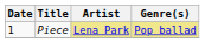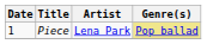 <table class="wikitable" style="text-align: left;">
 <tr>
 <th>Date</th>
 <th>Title</th>
 <th>Artist</th>
 <th>Genre(s)</th>
 </tr>
 <tr>
 <td>1</td>
 <td><em>Piece</em></td>
-<td style="background: khaki;"><a href='#'>Lena Park</a></td>
+<td><a href='#'>Lena Park</a></td>
 <td style="background: khaki;"><a href='#'>Pop ballad</a></td>
 </tr>
 <tr>
 </tr>
 </table>
